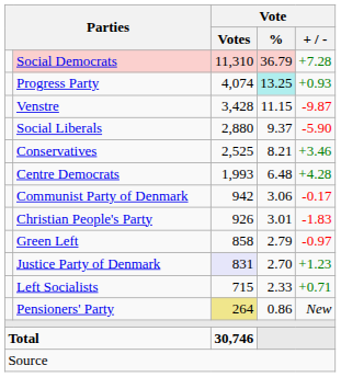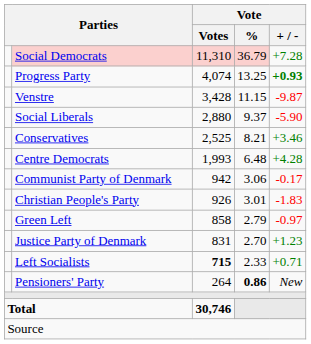 <table class="wikitable" style="text-align:right;">
 <tr>
 <th style="text-align:centre;" rowspan="2" colspan="2" width="225">Parties</th>
 <th colspan="3">Vote</th>
 </tr>
 <tr>
 <th width="15">Votes</th>
 <th width="15">%</th>
 <th width="15">+ / -</th>
 </tr>
 <tr>
 <td width="2" style="color:inherit;background:"></td>
 <td bgcolor=#fbd0ce  align="left"><a href='#'>Social Democrats</a></td>
 <td bgcolor=#fbd0ce>11,310</td>
 <td bgcolor=#fbd0ce>36.79</td>
 <td style=color:green;>+7.28</td>
 </tr>
 <tr>
 <td width="2" style="color:inherit;background:"></td>
 <td align="left"><a href='#'>Progress Party</a></td>
 <td>4,074</td>
-<td style="background: paleturquoise;">13.25</td>
-<td style=color:green;>+0.93</td>
+<td>13.25</td>
+<td style=color:green;><strong>+0.93</strong></td>
 </tr>
 <tr>
 <td width="2" style="color:inherit;background:"></td>
 <td align="left"><a href='#'>Venstre</a></td>
 <td>3,428</td>
 <td>11.15</td>
 <td style=color:red;>-9.87</td>
 </tr>
 <tr>
 <td width="2" style="color:inherit;background:"></td>
 <td align="left"><a href='#'>Social Liberals</a></td>
 <td>2,880</td>
 <td>9.37</td>
 <td style=color:red;>-5.90</td>
 </tr>
 <tr>
 <td width="2" style="color:inherit;background:"></td>
 <td align="left"><a href='#'>Conservatives</a></td>
 <td>2,525</td>
 <td>8.21</td>
 <td style=color:green;>+3.46</td>
 </tr>
 <tr>
 <td width="2" style="color:inherit;background:"></td>
 <td align="left"><a href='#'>Centre Democrats</a></td>
 <td>1,993</td>
 <td>6.48</td>
 <td style=color:green;>+4.28</td>
 </tr>
 <tr>
 <td width="2" style="color:inherit;background:"></td>
 <td align="left"><a href='#'>Communist Party of Denmark</a></td>
 <td>942</td>
 <td>3.06</td>
 <td style=color:red;>-0.17</td>
 </tr>
 <tr>
 <td width="2" style="color:inherit;background:"></td>
 <td align="left"><a href='#'>Christian People's Party</a></td>
 <td>926</td>
 <td>3.01</td>
 <td style=color:red;>-1.83</td>
 </tr>
 <tr>
 <td width="2" style="color:inherit;background:"></td>
 <td align="left"><a href='#'>Green Left</a></td>
 <td>858</td>
 <td>2.79</td>
 <td style=color:red;>-0.97</td>
 </tr>
 <tr>
 <td width="2" style="color:inherit;background:"></td>
 <td align="left"><a href='#'>Justice Party of Denmark</a></td>
-<td style="background: lavender;">831</td>
+<td>831</td>
 <td>2.70</td>
 <td style=color:green;>+1.23</td>
 </tr>
 <tr>
 <td width="2" style="color:inherit;background:"></td>
 <td align="left"><a href='#'>Left Socialists</a></td>
-<td>715</td>
+<td><strong>715</strong></td>
 <td>2.33</td>
 <td style=color:green;>+0.71</td>
 </tr>
 <tr>
 <td width="2" style="color:inherit;background:"></td>
 <td align="left"><a href='#'>Pensioners' Party</a></td>
-<td style="background: khaki;">264</td>
-<td>0.86</td>
+<td>264</td>
+<td><strong>0.86</strong></td>
 <td><em>New</em></td>
 </tr>
 <tr>
 <td colspan="7" bgcolor="#E9E9E9"></td>
 </tr>
 <tr>
 <td align="left" colspan="2"><strong>Total</strong></td>
 <td><strong>30,746</strong></td>
 <td bgcolor="#E9E9E9" colspan="2"></td>
 </tr>
 <tr>
 <td align="left" colspan="6">Source</td>
 </tr>
 </table>
